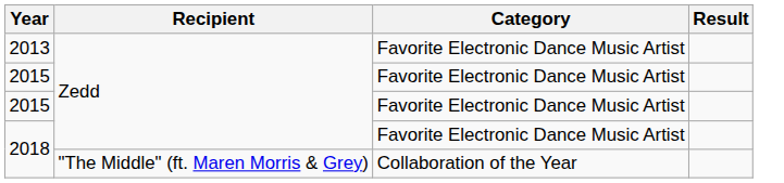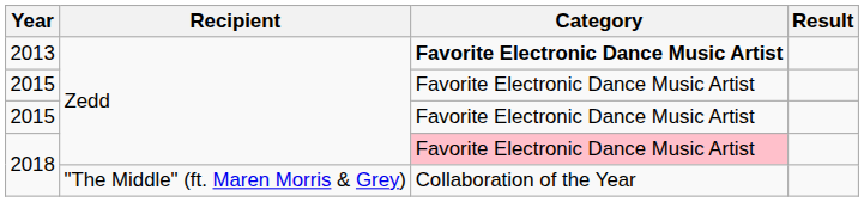 <table class="wikitable">
 <tr>
 <th>Year</th>
 <th>Recipient</th>
 <th>Category</th>
 <th>Result</th>
 </tr>
 <tr>
 <td rowspan="1">2013</td>
 <td rowspan="4">Zedd</td>
-<td>Favorite Electronic Dance Music Artist</td>
+<td><strong>Favorite Electronic Dance Music Artist</strong></td>
 <td></td>
 </tr>
 <tr>
 <td rowspan="1">2015</td>
 <td>Favorite Electronic Dance Music Artist</td>
 <td></td>
 </tr>
 <tr>
 <td rowspan="1">2015</td>
 <td>Favorite Electronic Dance Music Artist</td>
 <td></td>
 </tr>
 <tr>
 <td rowspan="2">2018</td>
-<td>Favorite Electronic Dance Music Artist</td>
+<td style="background: pink;">Favorite Electronic Dance Music Artist</td>
 <td></td>
 </tr>
 <tr>
 <td rowspan="1">"The Middle" (ft. <a href='#'>Maren Morris</a> & <a href='#'>Grey</a>)</td>
 <td>Collaboration of the Year</td>
 <td></td>
 </tr>
 </table>
